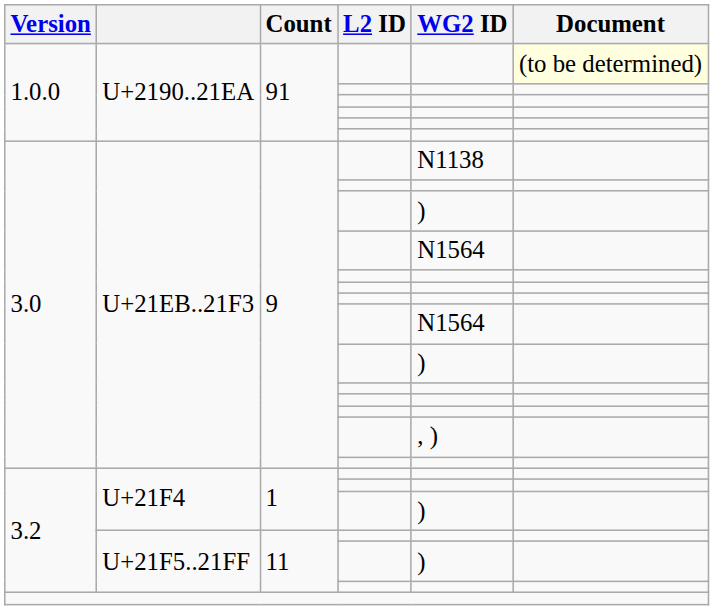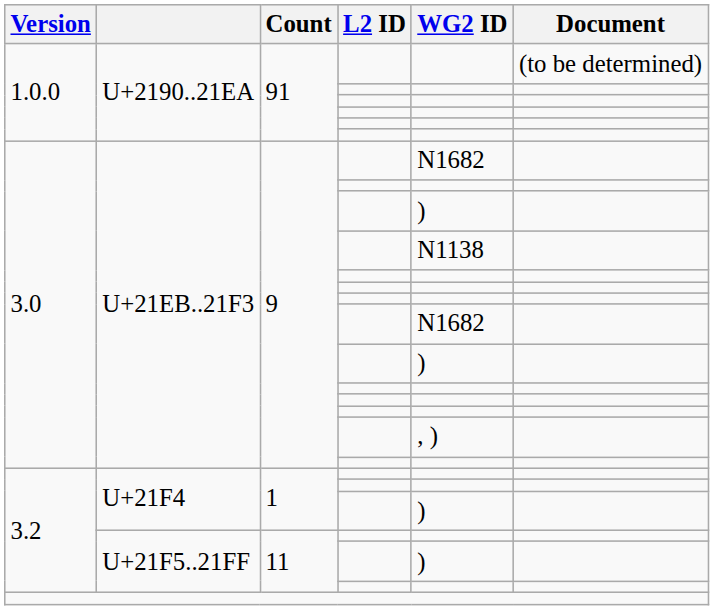 <table class="wikitable collapsible sticky-header">
 <tr>
 <th><a href='#'>Version</a></th>
 <th></th>
 <th>Count</th>
 <th><a href='#'>L2</a> ID</th>
 <th><a href='#'>WG2</a> ID</th>
 <th>Document</th>
 </tr>
 <tr>
 <td rowspan="6">1.0.0</td>
 <td rowspan="6">U+2190..21EA</td>
 <td rowspan="6">91</td>
 <td></td>
 <td></td>
-<td style="background: lightyellow;">(to be determined)</td>
+<td>(to be determined)</td>
 </tr>
 <tr>
 <td></td>
 <td></td>
 <td></td>
 </tr>
 <tr>
 <td></td>
 <td></td>
 <td></td>
 </tr>
 <tr>
 <td></td>
 <td></td>
 <td></td>
 </tr>
 <tr>
 <td></td>
 <td></td>
 <td></td>
 </tr>
 <tr>
 <td></td>
 <td></td>
 <td></td>
 </tr>
 <tr>
 <td rowspan="14">3.0</td>
 <td rowspan="14">U+21EB..21F3</td>
 <td rowspan="14">9</td>
 <td></td>
-<td>N1138</td>
+<td>N1682</td>
 <td></td>
 </tr>
 <tr>
 <td></td>
 <td></td>
 <td></td>
 </tr>
 <tr>
 <td></td>
 <td> )</td>
 <td></td>
 </tr>
 <tr>
 <td></td>
-<td>N1564</td>
+<td>N1138</td>
 <td></td>
 </tr>
 <tr>
 <td></td>
 <td></td>
 <td></td>
 </tr>
 <tr>
 <td></td>
 <td></td>
 <td></td>
 </tr>
 <tr>
 <td></td>
 <td></td>
 <td></td>
 </tr>
 <tr>
 <td></td>
-<td>N1564</td>
+<td>N1682</td>
 <td></td>
 </tr>
 <tr>
 <td></td>
 <td> )</td>
 <td></td>
 </tr>
 <tr>
 <td></td>
 <td></td>
 <td></td>
 </tr>
 <tr>
 <td></td>
 <td></td>
 <td></td>
 </tr>
 <tr>
 <td></td>
 <td></td>
 <td></td>
 </tr>
 <tr>
 <td></td>
 <td> , )</td>
 <td></td>
 </tr>
 <tr>
 <td></td>
 <td></td>
 <td></td>
 </tr>
 <tr>
 <td rowspan="6">3.2</td>
 <td rowspan="3">U+21F4</td>
 <td rowspan="3">1</td>
 <td></td>
 <td></td>
 <td></td>
 </tr>
 <tr>
 <td></td>
 <td></td>
 <td></td>
 </tr>
 <tr>
 <td></td>
 <td> )</td>
 <td></td>
 </tr>
 <tr>
 <td rowspan="3">U+21F5..21FF</td>
 <td rowspan="3">11</td>
 <td></td>
 <td></td>
 <td></td>
 </tr>
 <tr>
 <td></td>
 <td> )</td>
 <td></td>
 </tr>
 <tr>
 <td></td>
 <td></td>
 <td></td>
 </tr>
 <tr class="sortbottom">
 <td colspan="6"></td>
 </tr>
 </table>
